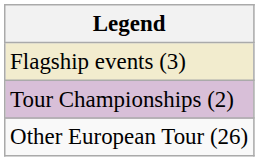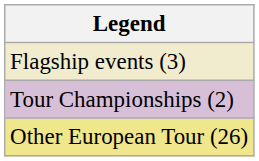 <table class="wikitable" style="font-size:95%;">
 <tr>
 <th>Legend</th>
 </tr>
 <tr style="background:#f2ecce;">
 <td>Flagship events (3)</td>
 </tr>
 <tr style="background:thistle">
 <td>Tour Championships (2)</td>
 </tr>
 <tr>
-<td>Other European Tour (26)</td>
+<td style="background: khaki;">Other European Tour (26)</td>
 </tr>
 </table>
